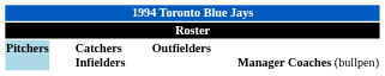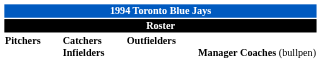 <table class="toccolours" style="font-size: 95%;">
 <tr>
 <th colspan="10" style="background-color: #005ac0; color: #FFFFFF; text-align: center;">1994 Toronto Blue Jays</th>
 </tr>
 <tr>
 <td colspan="10" style="background-color: black; color: white; text-align: center;"><strong>Roster</strong></td>
 </tr>
 <tr>
-<td valign="top" style="background: lightblue;"><strong>Pitchers</strong><br>                </td>
+<td valign="top"><strong>Pitchers</strong><br>                </td>
 <td width="25px"></td>
 <td valign="top"><strong>Catchers</strong><br>  <strong>Infielders</strong>       </td>
 <td width="25px"></td>
 <td valign="top"><strong>Outfielders</strong><br>       </td>
 <td width="25px"></td>
 <td valign="top"><br><strong>Manager</strong>  <strong>Coaches</strong>     (bullpen)  </td>
 </tr>
 </table>
